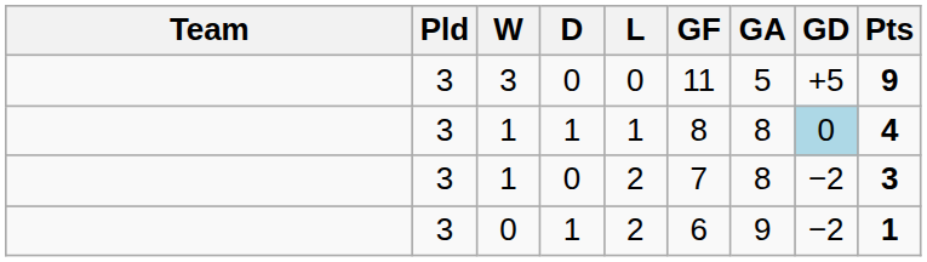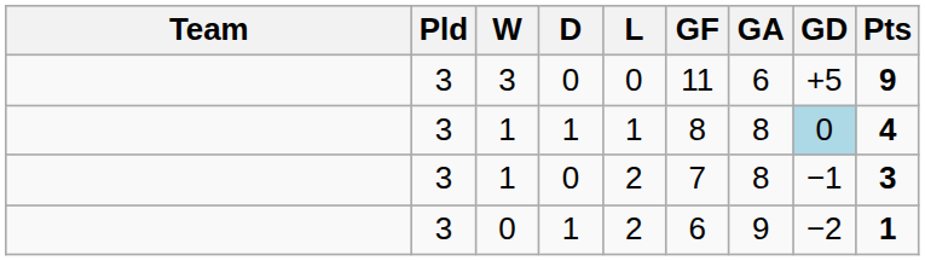 <table class=wikitable style="text-align:center">
 <tr>
 <th width=200>Team</th>
 <th width=25>Pld</th>
 <th width=25>W</th>
 <th width=25>D</th>
 <th width=25>L</th>
 <th width=25>GF</th>
 <th width=25>GA</th>
 <th width=25>GD</th>
 <th width=25>Pts</th>
 </tr>
 <tr>
 <td align=left></td>
 <td>3</td>
 <td>3</td>
 <td>0</td>
 <td>0</td>
 <td>11</td>
-<td>5</td>
+<td>6</td>
 <td>+5</td>
 <td><strong>9</strong></td>
 </tr>
 <tr>
 <td align=left></td>
 <td>3</td>
 <td>1</td>
 <td>1</td>
 <td>1</td>
 <td>8</td>
 <td>8</td>
 <td style="background: lightblue;">0</td>
 <td><strong>4</strong></td>
 </tr>
 <tr>
 <td align=left></td>
 <td>3</td>
 <td>1</td>
 <td>0</td>
 <td>2</td>
 <td>7</td>
 <td>8</td>
-<td>−2</td>
+<td>−1</td>
 <td><strong>3</strong></td>
 </tr>
 <tr>
 <td align=left></td>
 <td>3</td>
 <td>0</td>
 <td>1</td>
 <td>2</td>
 <td>6</td>
 <td>9</td>
 <td>−2</td>
 <td><strong>1</strong></td>
 </tr>
 </table>
